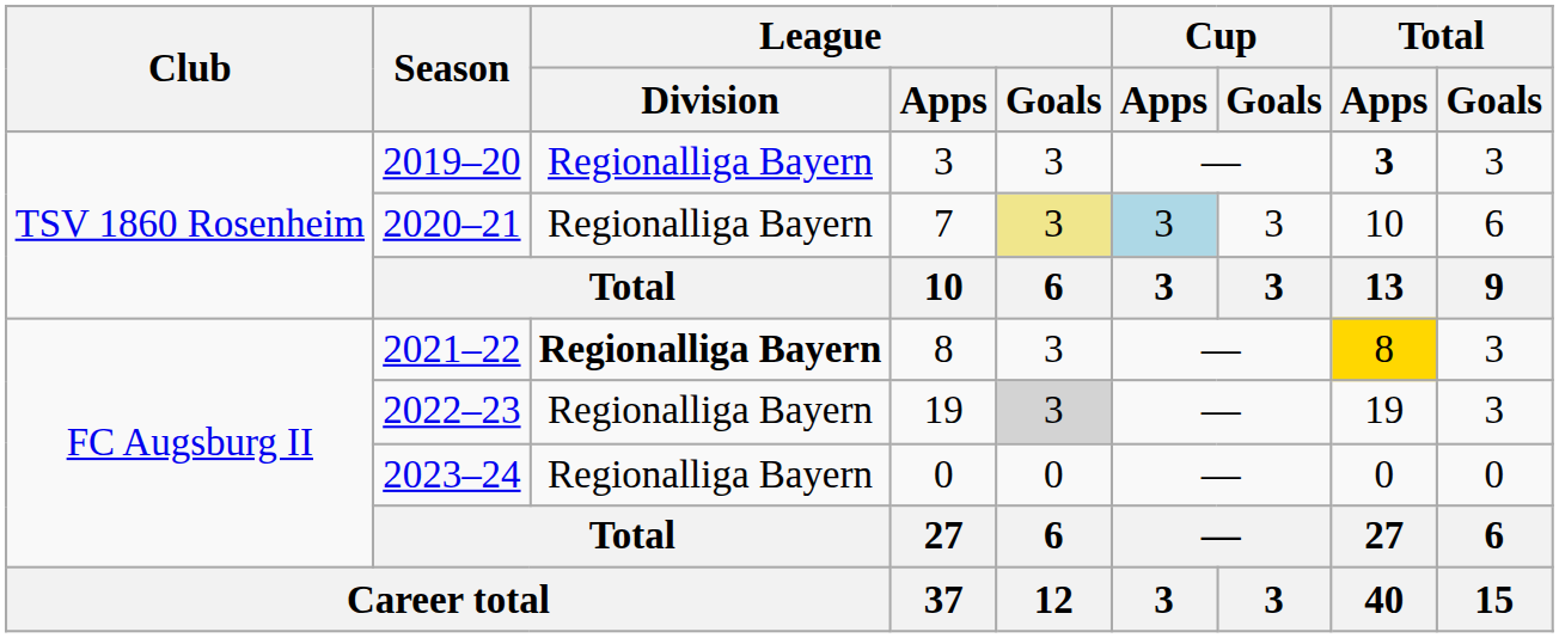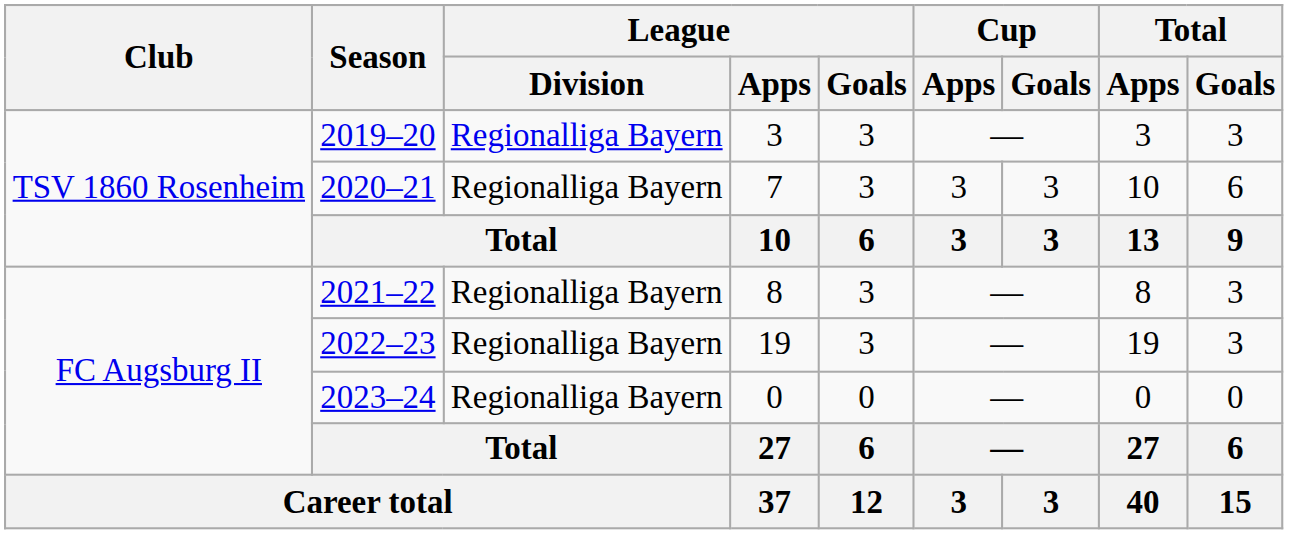 <table class="wikitable" style="text-align:center;">
 <tr>
 <th rowspan="2">Club</th>
 <th rowspan="2">Season</th>
 <th colspan="3">League</th>
 <th colspan="2">Cup</th>
 <th colspan="2">Total</th>
 </tr>
 <tr>
 <th>Division</th>
 <th>Apps</th>
 <th>Goals</th>
 <th>Apps</th>
 <th>Goals</th>
 <th>Apps</th>
 <th>Goals</th>
 </tr>
 <tr>
 <td rowspan="3"><a href='#'>TSV 1860 Rosenheim</a></td>
 <td><a href='#'>2019–20</a></td>
 <td><a href='#'>Regionalliga Bayern</a></td>
 <td>3</td>
 <td>3</td>
 <td colspan="2">—</td>
-<td><strong>3</strong></td>
+<td>3</td>
 <td>3</td>
 </tr>
 <tr>
 <td><a href='#'>2020–21</a></td>
 <td>Regionalliga Bayern</td>
 <td>7</td>
-<td style="background: khaki;">3</td>
-<td style="background: lightblue;">3</td>
+<td>3</td>
+<td>3</td>
 <td>3</td>
 <td>10</td>
 <td>6</td>
 </tr>
 <tr>
 <th colspan="2">Total</th>
 <th>10</th>
 <th>6</th>
 <th>3</th>
 <th>3</th>
 <th>13</th>
 <th>9</th>
 </tr>
 <tr>
 <td rowspan="4"><a href='#'>FC Augsburg II</a></td>
 <td><a href='#'>2021–22</a></td>
-<td><strong>Regionalliga Bayern</strong></td>
+<td>Regionalliga Bayern</td>
 <td>8</td>
 <td>3</td>
 <td colspan="2">—</td>
-<td style="background: gold;">8</td>
+<td>8</td>
 <td>3</td>
 </tr>
 <tr>
 <td><a href='#'>2022–23</a></td>
 <td>Regionalliga Bayern</td>
 <td>19</td>
-<td style="background: lightgrey;">3</td>
+<td>3</td>
 <td colspan="2">—</td>
 <td>19</td>
 <td>3</td>
 </tr>
 <tr>
 <td><a href='#'>2023–24</a></td>
 <td>Regionalliga Bayern</td>
 <td>0</td>
 <td>0</td>
 <td colspan="2">—</td>
 <td>0</td>
 <td>0</td>
 </tr>
 <tr>
 <th colspan="2">Total</th>
 <th>27</th>
 <th>6</th>
 <th colspan="2">—</th>
 <th>27</th>
 <th>6</th>
 </tr>
 <tr>
 <th colspan="3">Career total</th>
 <th>37</th>
 <th>12</th>
 <th>3</th>
 <th>3</th>
 <th>40</th>
 <th>15</th>
 </tr>
 </table>
